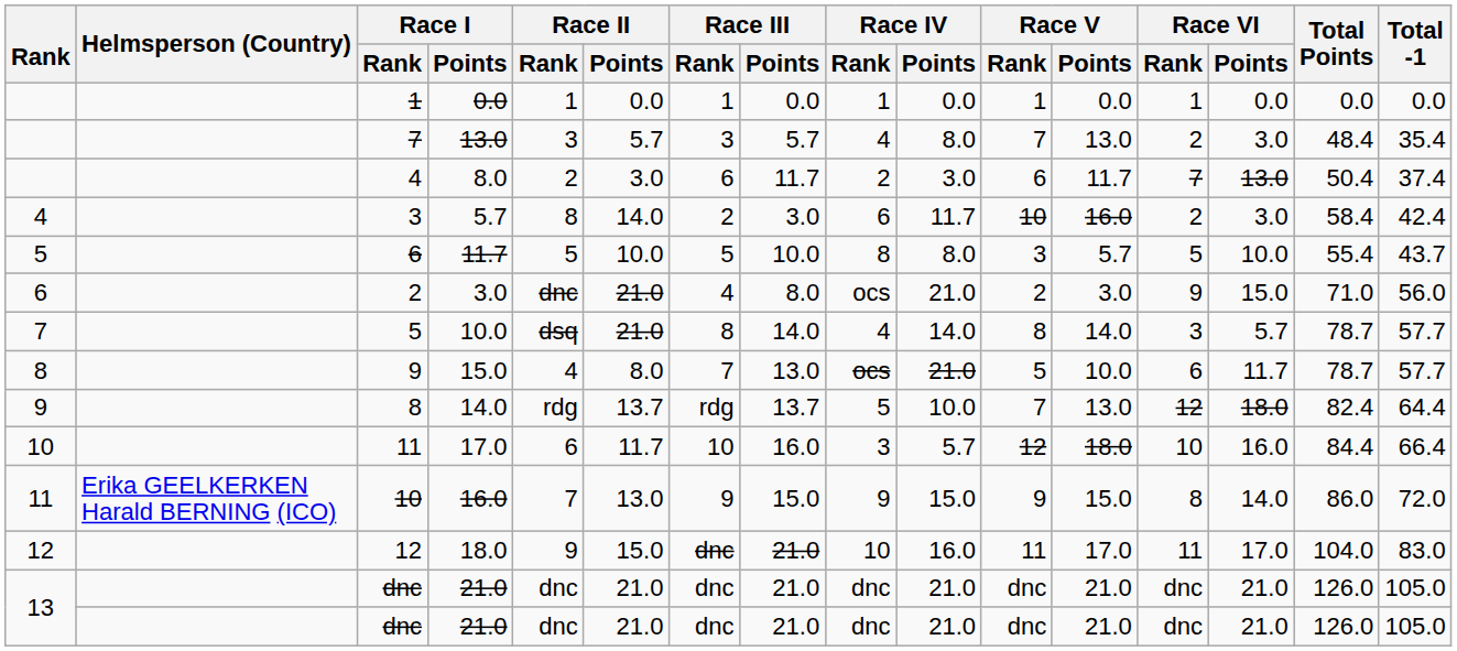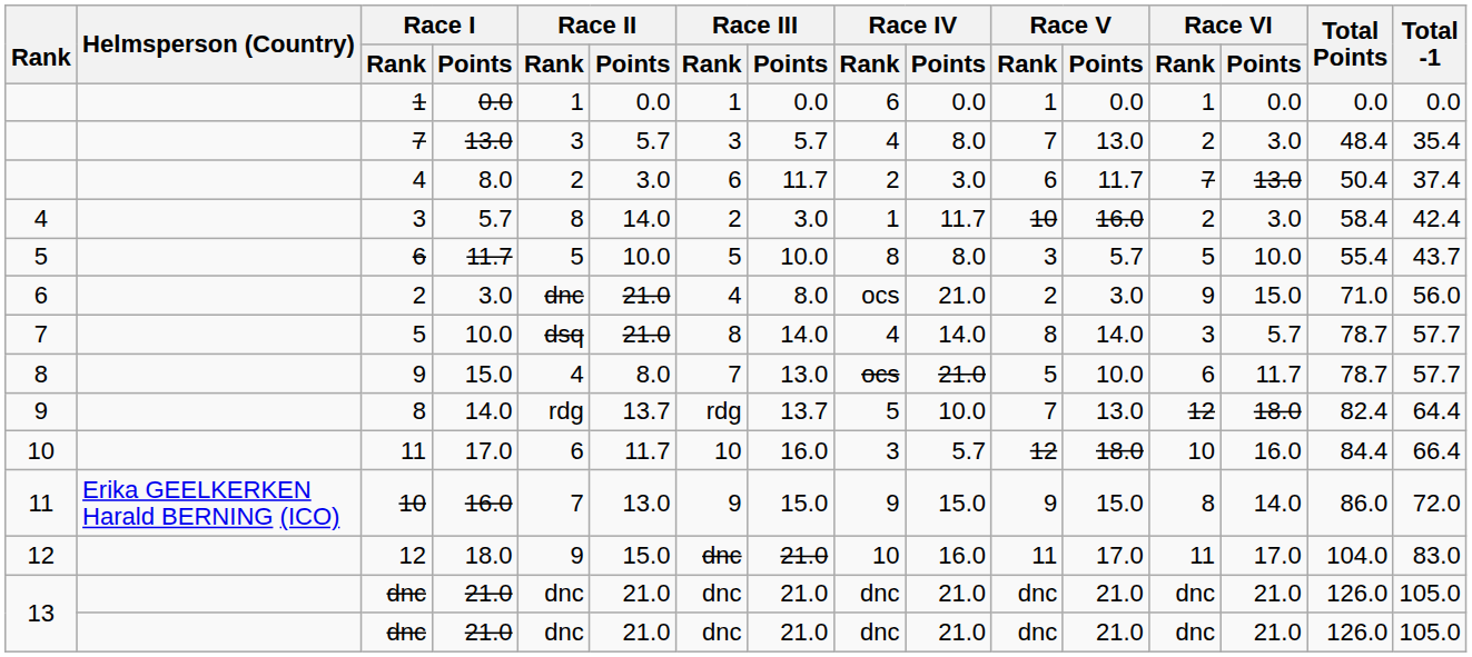 <table class="wikitable" style="text-align:right; font-size:90%">
 <tr>
 <th rowspan=2><br>Rank</th>
 <th rowspan=2>Helmsperson (Country)</th>
 <th colspan=2>Race I</th>
 <th colspan=2>Race II</th>
 <th colspan=2>Race III</th>
 <th colspan=2>Race IV</th>
 <th colspan=2>Race V</th>
 <th colspan=2>Race VI</th>
 <th rowspan=2>Total <br>Points <br></th>
 <th rowspan=2>Total<br>-1<br></th>
 </tr>
 <tr>
 <th>Rank</th>
 <th>Points</th>
 <th>Rank</th>
 <th>Points</th>
 <th>Rank</th>
 <th>Points</th>
 <th>Rank</th>
 <th>Points</th>
 <th>Rank</th>
 <th>Points</th>
 <th>Rank</th>
 <th>Points</th>
 </tr>
 <tr style="vertical-align:top;">
 <td align=center></td>
 <td align=left></td>
 <td><s>1</s></td>
 <td><s>0.0</s></td>
 <td>1</td>
 <td>0.0</td>
 <td>1</td>
 <td>0.0</td>
-<td>1</td>
+<td>6</td>
 <td>0.0</td>
 <td>1</td>
 <td>0.0</td>
 <td>1</td>
 <td>0.0</td>
 <td>0.0</td>
 <td>0.0</td>
 </tr>
 <tr>
 <td align=center></td>
 <td align=left></td>
 <td><s>7</s></td>
 <td><s>13.0</s></td>
 <td>3</td>
 <td>5.7</td>
 <td>3</td>
 <td>5.7</td>
 <td>4</td>
 <td>8.0</td>
 <td>7</td>
 <td>13.0</td>
 <td>2</td>
 <td>3.0</td>
 <td>48.4</td>
 <td>35.4</td>
 </tr>
 <tr>
 <td align=center></td>
 <td align=left></td>
 <td>4</td>
 <td>8.0</td>
 <td>2</td>
 <td>3.0</td>
 <td>6</td>
 <td>11.7</td>
 <td>2</td>
 <td>3.0</td>
 <td>6</td>
 <td>11.7</td>
 <td><s>7</s></td>
 <td><s>13.0</s></td>
 <td>50.4</td>
 <td>37.4</td>
 </tr>
 <tr>
 <td align=center>4</td>
 <td align=left></td>
 <td>3</td>
 <td>5.7</td>
 <td>8</td>
 <td>14.0</td>
 <td>2</td>
 <td>3.0</td>
-<td>6</td>
+<td>1</td>
 <td>11.7</td>
 <td><s>10</s></td>
 <td><s>16.0</s></td>
 <td>2</td>
 <td>3.0</td>
 <td>58.4</td>
 <td>42.4</td>
 </tr>
 <tr>
 <td align=center>5</td>
 <td align=left></td>
 <td><s>6</s></td>
 <td><s>11.7</s></td>
 <td>5</td>
 <td>10.0</td>
 <td>5</td>
 <td>10.0</td>
 <td>8</td>
 <td>8.0</td>
 <td>3</td>
 <td>5.7</td>
 <td>5</td>
 <td>10.0</td>
 <td>55.4</td>
 <td>43.7</td>
 </tr>
 <tr>
 <td align=center>6</td>
 <td align=left></td>
 <td>2</td>
 <td>3.0</td>
 <td><s>dnc</s></td>
 <td><s>21.0</s></td>
 <td>4</td>
 <td>8.0</td>
 <td>ocs</td>
 <td>21.0</td>
 <td>2</td>
 <td>3.0</td>
 <td>9</td>
 <td>15.0</td>
 <td>71.0</td>
 <td>56.0</td>
 </tr>
 <tr>
 <td align=center>7</td>
 <td align=left></td>
 <td>5</td>
 <td>10.0</td>
 <td><s>dsq</s></td>
 <td><s>21.0</s></td>
 <td>8</td>
 <td>14.0</td>
 <td>4</td>
 <td>14.0</td>
 <td>8</td>
 <td>14.0</td>
 <td>3</td>
 <td>5.7</td>
 <td>78.7</td>
 <td>57.7</td>
 </tr>
 <tr>
 <td align=center>8</td>
 <td align=left></td>
 <td>9</td>
 <td>15.0</td>
 <td>4</td>
 <td>8.0</td>
 <td>7</td>
 <td>13.0</td>
 <td><s>ocs</s></td>
 <td><s>21.0</s></td>
 <td>5</td>
 <td>10.0</td>
 <td>6</td>
 <td>11.7</td>
 <td>78.7</td>
 <td>57.7</td>
 </tr>
 <tr>
 <td align=center>9</td>
 <td align=left></td>
 <td>8</td>
 <td>14.0</td>
 <td>rdg</td>
 <td>13.7</td>
 <td>rdg</td>
 <td>13.7</td>
 <td>5</td>
 <td>10.0</td>
 <td>7</td>
 <td>13.0</td>
 <td><s>12</s></td>
 <td><s>18.0</s></td>
 <td>82.4</td>
 <td>64.4</td>
 </tr>
 <tr>
 <td align=center>10</td>
 <td align=left></td>
 <td>11</td>
 <td>17.0</td>
 <td>6</td>
 <td>11.7</td>
 <td>10</td>
 <td>16.0</td>
 <td>3</td>
 <td>5.7</td>
 <td><s>12</s></td>
 <td><s>18.0</s></td>
 <td>10</td>
 <td>16.0</td>
 <td>84.4</td>
 <td>66.4</td>
 </tr>
 <tr>
 <td align=center>11</td>
 <td align=left> <a href='#'>Erika GEELKERKEN</a><br><a href='#'>Harald BERNING</a> <a href='#'>(ICO)</a></td>
 <td><s>10</s></td>
 <td><s>16.0</s></td>
 <td>7</td>
 <td>13.0</td>
 <td>9</td>
 <td>15.0</td>
 <td>9</td>
 <td>15.0</td>
 <td>9</td>
 <td>15.0</td>
 <td>8</td>
 <td>14.0</td>
 <td>86.0</td>
 <td>72.0</td>
 </tr>
 <tr>
 <td align=center>12</td>
 <td align=left></td>
 <td>12</td>
 <td>18.0</td>
 <td>9</td>
 <td>15.0</td>
 <td><s>dnc</s></td>
 <td><s>21.0</s></td>
 <td>10</td>
 <td>16.0</td>
 <td>11</td>
 <td>17.0</td>
 <td>11</td>
 <td>17.0</td>
 <td>104.0</td>
 <td>83.0</td>
 </tr>
 <tr>
 <td rowspan=2 align=center>13</td>
 <td align=left></td>
 <td><s>dnc</s></td>
 <td><s>21.0</s></td>
 <td>dnc</td>
 <td>21.0</td>
 <td>dnc</td>
 <td>21.0</td>
 <td>dnc</td>
 <td>21.0</td>
 <td>dnc</td>
 <td>21.0</td>
 <td>dnc</td>
 <td>21.0</td>
 <td>126.0</td>
 <td>105.0</td>
 </tr>
 <tr>
 <td align=left></td>
 <td><s>dnc</s></td>
 <td><s>21.0</s></td>
 <td>dnc</td>
 <td>21.0</td>
 <td>dnc</td>
 <td>21.0</td>
 <td>dnc</td>
 <td>21.0</td>
 <td>dnc</td>
 <td>21.0</td>
 <td>dnc</td>
 <td>21.0</td>
 <td>126.0</td>
 <td>105.0</td>
 </tr>
 </table>
